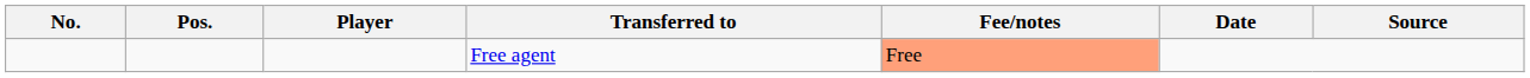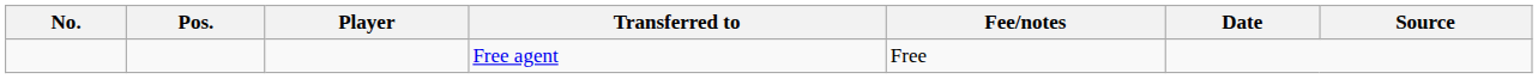 <table class="wikitable sortable" style="width:90%; text-align:center; font-size:95%; text-align:left;">
 <tr>
 <th><strong>No.</strong></th>
 <th><strong>Pos.</strong></th>
 <th><strong>Player</strong></th>
 <th><strong>Transferred to</strong></th>
 <th><strong>Fee/notes</strong></th>
 <th><strong>Date</strong></th>
 <th><strong>Source</strong></th>
 </tr>
 <tr>
 <td></td>
 <td align=center></td>
 <td></td>
 <td> <a href='#'>Free agent</a></td>
-<td style="background: lightsalmon;">Free</td>
+<td>Free</td>
 </tr>
 </table>
